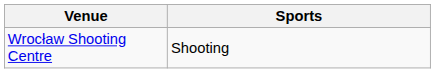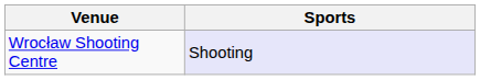 <table class="wikitable sortable">
 <tr>
 <th width="170">Venue</th>
 <th width="278">Sports</th>
 </tr>
 <tr>
 <td><a href='#'>Wrocław Shooting Centre</a></td>
-<td>Shooting</td>
+<td style="background: lavender;">Shooting</td>
 </tr>
 </table>
